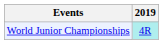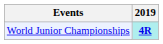 <table class="wikitable" style="font-size: 90%; text-align:center">
 <tr>
 <th>Events</th>
 <th>2019</th>
 </tr>
 <tr>
 <td bgcolor="#ECF2FF"; align="left"><a href='#'>World Junior Championships</a></td>
-<td bgcolor="#afeeee"><a href='#'>4R</a></td>
+<td bgcolor="#afeeee"><strong><a href='#'>4R</a></strong></td>
 </tr>
 </table>
